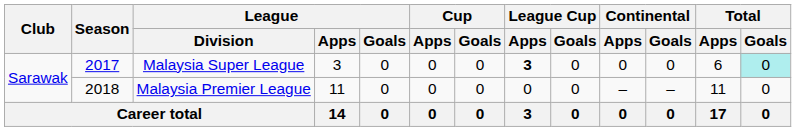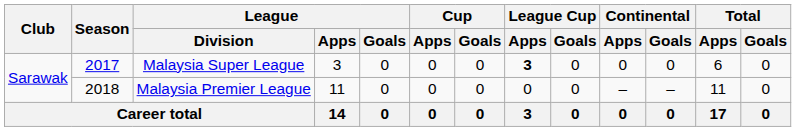 <table class="wikitable" style="text-align: center">
 <tr>
 <th rowspan="2">Club</th>
 <th rowspan="2">Season</th>
 <th colspan="3">League</th>
 <th colspan="2">Cup</th>
 <th colspan="2">League Cup</th>
 <th colspan="2">Continental</th>
 <th colspan="2">Total</th>
 </tr>
 <tr>
 <th>Division</th>
 <th>Apps</th>
 <th>Goals</th>
 <th>Apps</th>
 <th>Goals</th>
 <th>Apps</th>
 <th>Goals</th>
 <th>Apps</th>
 <th>Goals</th>
 <th>Apps</th>
 <th>Goals</th>
 </tr>
 <tr>
 <td rowspan=2><a href='#'>Sarawak</a></td>
 <td><a href='#'>2017</a></td>
 <td><a href='#'>Malaysia Super League</a></td>
 <td>3</td>
 <td>0</td>
 <td>0</td>
 <td>0</td>
 <td><strong>3</strong></td>
 <td>0</td>
 <td>0</td>
 <td>0</td>
 <td>6</td>
-<td style="background: paleturquoise;">0</td>
+<td>0</td>
 </tr>
 <tr>
 <td>2018</td>
 <td><a href='#'>Malaysia Premier League</a></td>
 <td>11</td>
 <td>0</td>
 <td>0</td>
 <td>0</td>
 <td>0</td>
 <td>0</td>
 <td>–</td>
 <td>–</td>
 <td>11</td>
 <td>0</td>
 </tr>
 <tr>
 <th colspan=3>Career total</th>
 <th>14</th>
 <th>0</th>
 <th>0</th>
 <th>0</th>
 <th>3</th>
 <th>0</th>
 <th>0</th>
 <th>0</th>
 <th>17</th>
 <th>0</th>
 </tr>
 </table>
